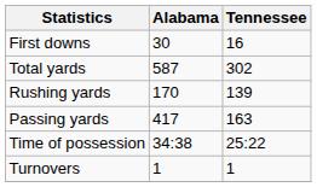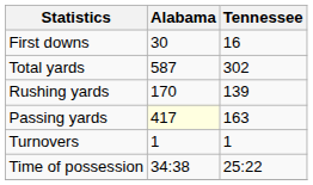 <table class="wikitable" style="float: left;">
 <tr>
 <th>Statistics</th>
 <th>Alabama</th>
 <th>Tennessee</th>
 </tr>
 <tr>
 <td>First downs</td>
 <td>30</td>
 <td>16</td>
 </tr>
 <tr>
 <td>Total yards</td>
 <td>587</td>
 <td>302</td>
 </tr>
 <tr>
 <td>Rushing yards</td>
 <td>170</td>
 <td>139</td>
 </tr>
 <tr>
 <td>Passing yards</td>
-<td>417</td>
+<td style="background: lightyellow;">417</td>
 <td>163</td>
+</tr>
+<tr>
+<td>Turnovers</td>
+<td>1</td>
+<td>1</td>
 </tr>
 <tr>
 <td>Time of possession</td>
 <td>34:38</td>
 <td>25:22</td>
 </tr>
 <tr>
-<td>Turnovers</td>
-<td>1</td>
-<td>1</td>
-</tr>
-<tr>
 </tr>
 </table>
